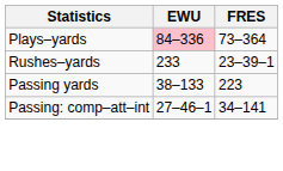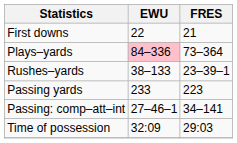 <table class="wikitable" style="float: left;">
 <tr>
 <th>Statistics</th>
 <th>EWU</th>
 <th>FRES</th>
+</tr>
+<tr>
+<td>First downs</td>
+<td>22</td>
+<td>21</td>
 </tr>
 <tr>
 <td>Plays–yards</td>
 <td style="background: pink;">84–336</td>
 <td>73–364</td>
 </tr>
 <tr>
 <td>Rushes–yards</td>
-<td>233</td>
+<td>38–133</td>
 <td>23–39–1</td>
 </tr>
 <tr>
 <td>Passing yards</td>
-<td>38–133</td>
+<td>233</td>
 <td>223</td>
 </tr>
 <tr>
 <td>Passing: comp–att–int</td>
 <td>27–46–1</td>
 <td>34–141</td>
 </tr>
 <tr>
+<td>Time of possession</td>
+<td>32:09</td>
+<td>29:03</td>
+</tr>
+<tr>
 </tr>
 </table>
